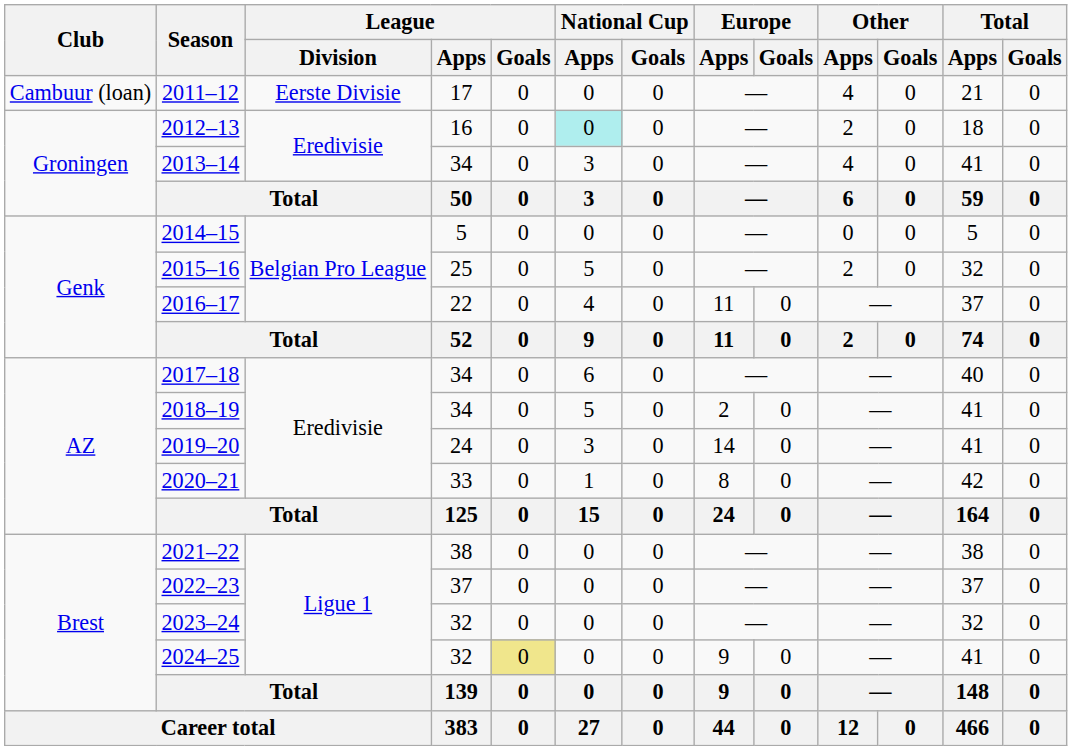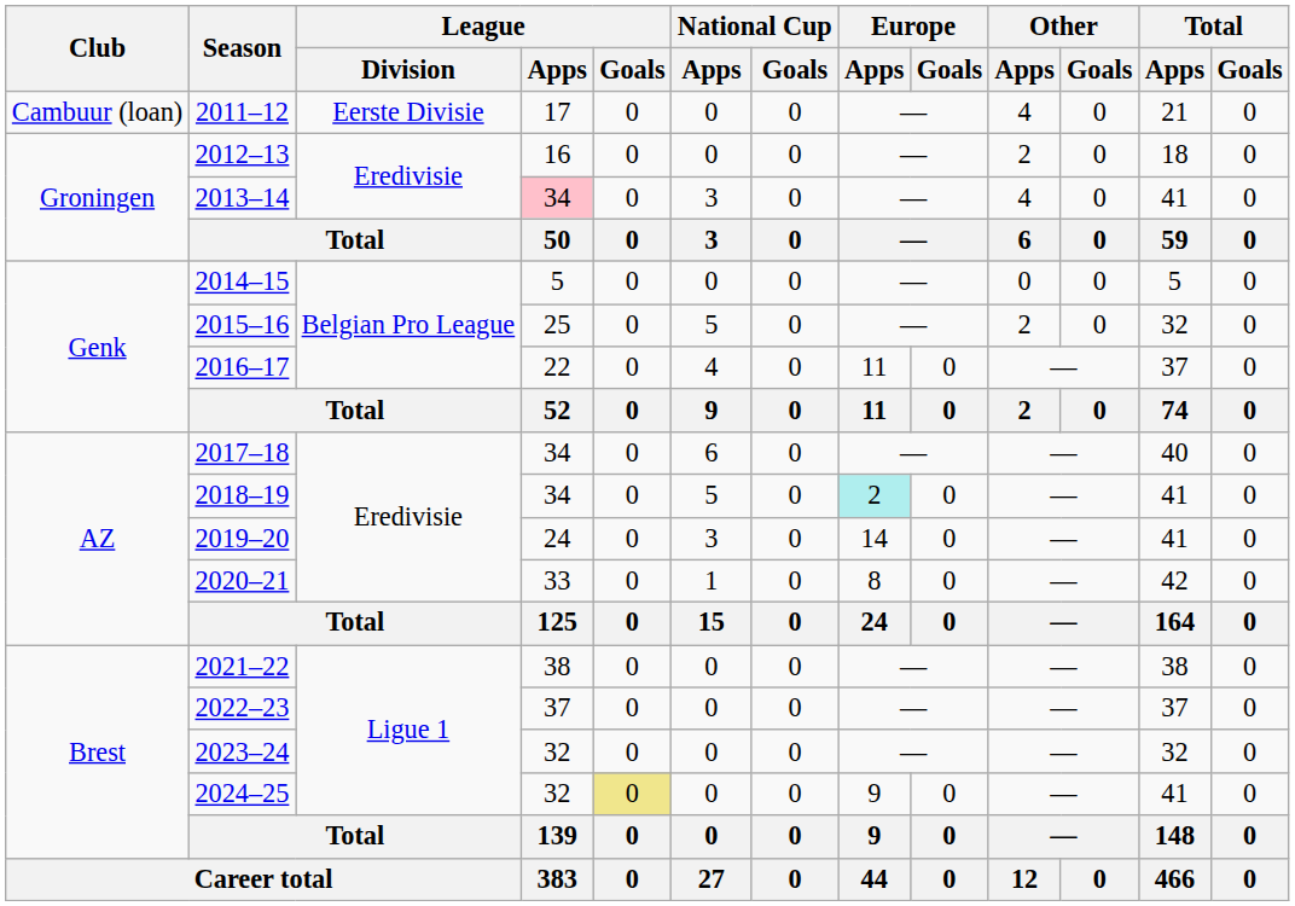 <table class="wikitable" style="text-align:center">
 <tr>
 <th rowspan="2">Club</th>
 <th rowspan="2">Season</th>
 <th colspan="3">League</th>
 <th colspan="2">National Cup</th>
 <th colspan="2">Europe</th>
 <th colspan="2">Other</th>
 <th colspan="2">Total</th>
 </tr>
 <tr>
 <th>Division</th>
 <th>Apps</th>
 <th>Goals</th>
 <th>Apps</th>
 <th>Goals</th>
 <th>Apps</th>
 <th>Goals</th>
 <th>Apps</th>
 <th>Goals</th>
 <th>Apps</th>
 <th>Goals</th>
 </tr>
 <tr>
 <td><a href='#'>Cambuur</a> (loan)</td>
 <td><a href='#'>2011–12</a></td>
 <td><a href='#'>Eerste Divisie</a></td>
 <td>17</td>
 <td>0</td>
 <td>0</td>
 <td>0</td>
 <td colspan="2">—</td>
 <td>4</td>
 <td>0</td>
 <td>21</td>
 <td>0</td>
 </tr>
 <tr>
 <td rowspan="3"><a href='#'>Groningen</a></td>
 <td><a href='#'>2012–13</a></td>
 <td rowspan="2"><a href='#'>Eredivisie</a></td>
 <td>16</td>
 <td>0</td>
-<td style="background: paleturquoise;">0</td>
+<td>0</td>
 <td>0</td>
 <td colspan="2">—</td>
 <td>2</td>
 <td>0</td>
 <td>18</td>
 <td>0</td>
 </tr>
 <tr>
 <td><a href='#'>2013–14</a></td>
-<td>34</td>
+<td style="background: pink;">34</td>
 <td>0</td>
 <td>3</td>
 <td>0</td>
 <td colspan="2">—</td>
 <td>4</td>
 <td>0</td>
 <td>41</td>
 <td>0</td>
 </tr>
 <tr>
 <th colspan="2">Total</th>
 <th>50</th>
 <th>0</th>
 <th>3</th>
 <th>0</th>
 <th colspan="2">—</th>
 <th>6</th>
 <th>0</th>
 <th>59</th>
 <th>0</th>
 </tr>
 <tr>
 <td rowspan="4"><a href='#'>Genk</a></td>
 <td><a href='#'>2014–15</a></td>
 <td rowspan="3"><a href='#'>Belgian Pro League</a></td>
 <td>5</td>
 <td>0</td>
 <td>0</td>
 <td>0</td>
 <td colspan="2">—</td>
 <td>0</td>
 <td>0</td>
 <td>5</td>
 <td>0</td>
 </tr>
 <tr>
 <td><a href='#'>2015–16</a></td>
 <td>25</td>
 <td>0</td>
 <td>5</td>
 <td>0</td>
 <td colspan="2">—</td>
 <td>2</td>
 <td>0</td>
 <td>32</td>
 <td>0</td>
 </tr>
 <tr>
 <td><a href='#'>2016–17</a></td>
 <td>22</td>
 <td>0</td>
 <td>4</td>
 <td>0</td>
 <td>11</td>
 <td>0</td>
 <td colspan="2">—</td>
 <td>37</td>
 <td>0</td>
 </tr>
 <tr>
 <th colspan="2">Total</th>
 <th>52</th>
 <th>0</th>
 <th>9</th>
 <th>0</th>
 <th>11</th>
 <th>0</th>
 <th>2</th>
 <th>0</th>
 <th>74</th>
 <th>0</th>
 </tr>
 <tr>
 <td rowspan="5"><a href='#'>AZ</a></td>
 <td><a href='#'>2017–18</a></td>
 <td rowspan="4">Eredivisie</td>
 <td>34</td>
 <td>0</td>
 <td>6</td>
 <td>0</td>
 <td colspan="2">—</td>
 <td colspan="2">—</td>
 <td>40</td>
 <td>0</td>
 </tr>
 <tr>
 <td><a href='#'>2018–19</a></td>
 <td>34</td>
 <td>0</td>
 <td>5</td>
 <td>0</td>
-<td>2</td>
+<td style="background: paleturquoise;">2</td>
 <td>0</td>
 <td colspan="2">—</td>
 <td>41</td>
 <td>0</td>
 </tr>
 <tr>
 <td><a href='#'>2019–20</a></td>
 <td>24</td>
 <td>0</td>
 <td>3</td>
 <td>0</td>
 <td>14</td>
 <td>0</td>
 <td colspan="2">—</td>
 <td>41</td>
 <td>0</td>
 </tr>
 <tr>
 <td><a href='#'>2020–21</a></td>
 <td>33</td>
 <td>0</td>
 <td>1</td>
 <td>0</td>
 <td>8</td>
 <td>0</td>
 <td colspan="2">—</td>
 <td>42</td>
 <td>0</td>
 </tr>
 <tr>
 <th colspan="2">Total</th>
 <th>125</th>
 <th>0</th>
 <th>15</th>
 <th>0</th>
 <th>24</th>
 <th>0</th>
 <th colspan="2">—</th>
 <th>164</th>
 <th>0</th>
 </tr>
 <tr>
 <td rowspan="5"><a href='#'>Brest</a></td>
 <td><a href='#'>2021–22</a></td>
 <td rowspan="4"><a href='#'>Ligue 1</a></td>
 <td>38</td>
 <td>0</td>
 <td>0</td>
 <td>0</td>
 <td colspan="2">—</td>
 <td colspan="2">—</td>
 <td>38</td>
 <td>0</td>
 </tr>
 <tr>
 <td><a href='#'>2022–23</a></td>
 <td>37</td>
 <td>0</td>
 <td>0</td>
 <td>0</td>
 <td colspan="2">—</td>
 <td colspan="2">—</td>
 <td>37</td>
 <td>0</td>
 </tr>
 <tr>
 <td><a href='#'>2023–24</a></td>
 <td>32</td>
 <td>0</td>
 <td>0</td>
 <td>0</td>
 <td colspan="2">—</td>
 <td colspan="2">—</td>
 <td>32</td>
 <td>0</td>
 </tr>
 <tr>
 <td><a href='#'>2024–25</a></td>
 <td>32</td>
 <td style="background: khaki;">0</td>
 <td>0</td>
 <td>0</td>
 <td>9</td>
 <td>0</td>
 <td colspan="2">—</td>
 <td>41</td>
 <td>0</td>
 </tr>
 <tr>
 <th colspan="2">Total</th>
 <th>139</th>
 <th>0</th>
 <th>0</th>
 <th>0</th>
 <th>9</th>
 <th>0</th>
 <th colspan="2">—</th>
 <th>148</th>
 <th>0</th>
 </tr>
 <tr>
 <th colspan="3">Career total</th>
 <th>383</th>
 <th>0</th>
 <th>27</th>
 <th>0</th>
 <th>44</th>
 <th>0</th>
 <th>12</th>
 <th>0</th>
 <th>466</th>
 <th>0</th>
 </tr>
 </table>
